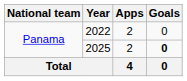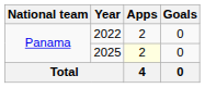 <table class="wikitable" style="text-align:center">
 <tr>
 <th>National team</th>
 <th>Year</th>
 <th>Apps</th>
 <th>Goals</th>
 </tr>
 <tr>
 <td rowspan="2"><a href='#'>Panama</a></td>
 <td>2022</td>
 <td>2</td>
 <td>0</td>
 </tr>
 <tr>
 <td>2025</td>
-<td>2</td>
-<td><strong>0</strong></td>
+<td style="background: lightyellow;">2</td>
+<td>0</td>
 </tr>
 <tr>
 <th colspan="2">Total</th>
 <th>4</th>
 <th>0</th>
 </tr>
 </table>
